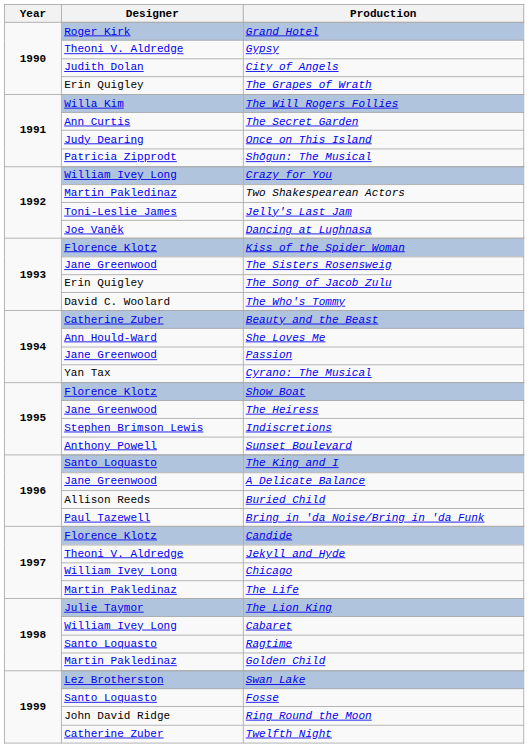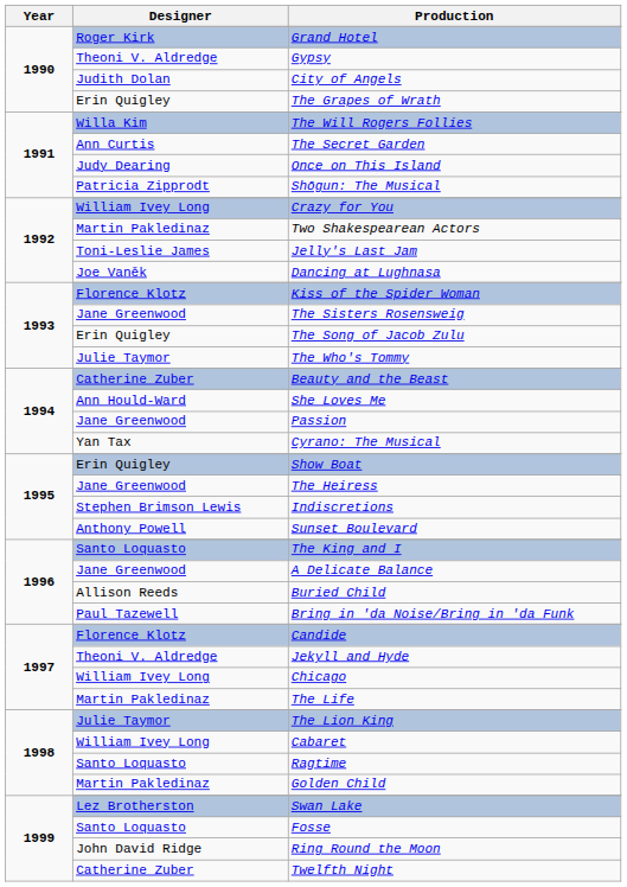 <table class="wikitable" style="width:98%;">
 <tr style="background:#bebebe;">
 <th style="width:11%;">Year</th>
 <th style="width:35%;”">Designer</th>
 <th style="width:54%;”">Production</th>
 </tr>
 <tr>
 <td rowspan="5" align="center"><strong>1990</strong><br></td>
 </tr>
 <tr style="background:#B0C4DE">
 <td><a href='#'>Roger Kirk</a></td>
 <td><em><a href='#'>Grand Hotel</a></em></td>
 </tr>
 <tr>
 <td><a href='#'>Theoni V. Aldredge</a></td>
 <td><em><a href='#'>Gypsy</a></em></td>
 </tr>
 <tr>
 <td><a href='#'>Judith Dolan</a></td>
 <td><em><a href='#'>City of Angels</a></em></td>
 </tr>
 <tr>
 <td>Erin Quigley</td>
 <td><em><a href='#'>The Grapes of Wrath</a></em></td>
 </tr>
 <tr>
 <td rowspan="5" align="center"><strong>1991</strong><br></td>
 </tr>
 <tr style="background:#B0C4DE">
 <td><a href='#'>Willa Kim</a></td>
 <td><em><a href='#'>The Will Rogers Follies</a></em></td>
 </tr>
 <tr>
 <td><a href='#'>Ann Curtis</a></td>
 <td><em><a href='#'>The Secret Garden</a></em></td>
 </tr>
 <tr>
 <td><a href='#'>Judy Dearing</a></td>
 <td><em><a href='#'>Once on This Island</a></em></td>
 </tr>
 <tr>
 <td><a href='#'>Patricia Zipprodt</a></td>
 <td><em><a href='#'>Shōgun: The Musical</a></em></td>
 </tr>
 <tr>
 <td rowspan="5" align="center"><strong>1992</strong><br></td>
 </tr>
 <tr style="background:#B0C4DE">
 <td><a href='#'>William Ivey Long</a></td>
 <td><em><a href='#'>Crazy for You</a></em></td>
 </tr>
 <tr>
 <td><a href='#'>Martin Pakledinaz</a></td>
 <td><em>Two Shakespearean Actors</em></td>
 </tr>
 <tr>
 <td><a href='#'>Toni-Leslie James</a></td>
 <td><em><a href='#'>Jelly's Last Jam</a></em></td>
 </tr>
 <tr>
 <td><a href='#'>Joe Vaněk</a></td>
 <td><em><a href='#'>Dancing at Lughnasa</a></em></td>
 </tr>
 <tr>
 <td rowspan="5" align="center"><strong>1993</strong><br></td>
 </tr>
 <tr style="background:#B0C4DE">
 <td><a href='#'>Florence Klotz</a></td>
 <td><em><a href='#'>Kiss of the Spider Woman</a></em></td>
 </tr>
 <tr>
 <td><a href='#'>Jane Greenwood</a></td>
 <td><em><a href='#'>The Sisters Rosensweig</a></em></td>
 </tr>
 <tr>
 <td>Erin Quigley</td>
 <td><em><a href='#'>The Song of Jacob Zulu</a></em></td>
 </tr>
 <tr>
-<td>David C. Woolard</td>
+<td><a href='#'>Julie Taymor</a></td>
 <td><em><a href='#'>The Who's Tommy</a></em></td>
 </tr>
 <tr>
 <td rowspan="5" align="center"><strong>1994</strong><br></td>
 </tr>
 <tr style="background:#B0C4DE">
 <td><a href='#'>Catherine Zuber</a></td>
 <td><em><a href='#'>Beauty and the Beast</a></em></td>
 </tr>
 <tr>
 <td><a href='#'>Ann Hould-Ward</a></td>
 <td><em><a href='#'>She Loves Me</a></em></td>
 </tr>
 <tr>
 <td><a href='#'>Jane Greenwood</a></td>
 <td><em><a href='#'>Passion</a></em></td>
 </tr>
 <tr>
 <td>Yan Tax</td>
 <td><em><a href='#'>Cyrano: The Musical</a></em></td>
 </tr>
 <tr>
 <td rowspan="5" align="center"><strong>1995</strong><br></td>
 </tr>
 <tr style="background:#B0C4DE">
-<td><a href='#'>Florence Klotz</a></td>
+<td>Erin Quigley</td>
 <td><em><a href='#'>Show Boat</a></em></td>
 </tr>
 <tr>
 <td><a href='#'>Jane Greenwood</a></td>
 <td><em><a href='#'>The Heiress</a></em></td>
 </tr>
 <tr>
 <td><a href='#'>Stephen Brimson Lewis</a></td>
 <td><em><a href='#'>Indiscretions</a></em></td>
 </tr>
 <tr>
 <td><a href='#'>Anthony Powell</a></td>
 <td><em><a href='#'>Sunset Boulevard</a></em></td>
 </tr>
 <tr>
 <td rowspan="5" align="center"><strong>1996</strong><br></td>
 </tr>
 <tr style="background:#B0C4DE">
 <td><a href='#'>Santo Loquasto</a></td>
 <td><em><a href='#'>The King and I</a></em></td>
 </tr>
 <tr>
 <td><a href='#'>Jane Greenwood</a></td>
 <td><em><a href='#'>A Delicate Balance</a></em></td>
 </tr>
 <tr>
 <td>Allison Reeds</td>
 <td><em><a href='#'>Buried Child</a></em></td>
 </tr>
 <tr>
 <td><a href='#'>Paul Tazewell</a></td>
 <td><em><a href='#'>Bring in 'da Noise/Bring in 'da Funk</a></em></td>
 </tr>
 <tr>
 <td rowspan="5" align="center"><strong>1997</strong><br></td>
 </tr>
 <tr style="background:#B0C4DE">
 <td><a href='#'>Florence Klotz</a></td>
 <td><em><a href='#'>Candide</a></em></td>
 </tr>
 <tr>
 <td><a href='#'>Theoni V. Aldredge</a></td>
 <td><em><a href='#'>Jekyll and Hyde</a></em></td>
 </tr>
 <tr>
 <td><a href='#'>William Ivey Long</a></td>
 <td><em><a href='#'>Chicago</a></em></td>
 </tr>
 <tr>
 <td><a href='#'>Martin Pakledinaz</a></td>
 <td><em><a href='#'>The Life</a></em></td>
 </tr>
 <tr>
 <td rowspan="5" align="center"><strong>1998</strong><br></td>
 </tr>
 <tr style="background:#B0C4DE">
 <td><a href='#'>Julie Taymor</a></td>
 <td><em><a href='#'>The Lion King</a></em></td>
 </tr>
 <tr>
 <td><a href='#'>William Ivey Long</a></td>
 <td><em><a href='#'>Cabaret</a></em></td>
 </tr>
 <tr>
 <td><a href='#'>Santo Loquasto</a></td>
 <td><em><a href='#'>Ragtime</a></em></td>
 </tr>
 <tr>
 <td><a href='#'>Martin Pakledinaz</a></td>
 <td><em><a href='#'>Golden Child</a></em></td>
 </tr>
 <tr>
 <td rowspan="5" align="center"><strong>1999</strong><br></td>
 </tr>
 <tr style="background:#B0C4DE">
 <td><a href='#'>Lez Brotherston</a></td>
 <td><em><a href='#'>Swan Lake</a></em></td>
 </tr>
 <tr>
 <td><a href='#'>Santo Loquasto</a></td>
 <td><em><a href='#'>Fosse</a></em></td>
 </tr>
 <tr>
 <td>John David Ridge</td>
 <td><em><a href='#'>Ring Round the Moon</a></em></td>
 </tr>
 <tr>
 <td><a href='#'>Catherine Zuber</a></td>
 <td><em><a href='#'>Twelfth Night</a></em></td>
 </tr>
 </table>
